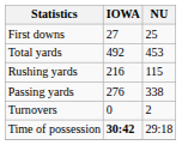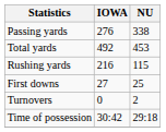 <table class="wikitable">
 <tr>
 <th>Statistics</th>
 <th>IOWA</th>
 <th>NU</th>
 </tr>
 <tr>
-<td>First downs</td>
-<td>27</td>
-<td>25</td>
+<td>Passing yards</td>
+<td>276</td>
+<td>338</td>
 </tr>
 <tr>
 <td>Total yards</td>
 <td>492</td>
 <td>453</td>
 </tr>
 <tr>
 <td>Rushing yards</td>
 <td>216</td>
 <td>115</td>
 </tr>
 <tr>
-<td>Passing yards</td>
-<td>276</td>
-<td>338</td>
+<td>First downs</td>
+<td>27</td>
+<td>25</td>
 </tr>
 <tr>
 <td>Turnovers</td>
 <td>0</td>
 <td>2</td>
 </tr>
 <tr>
 <td>Time of possession</td>
-<td><strong>30:42</strong></td>
+<td>30:42</td>
 <td>29:18</td>
 </tr>
 <tr>
 </tr>
 </table>
